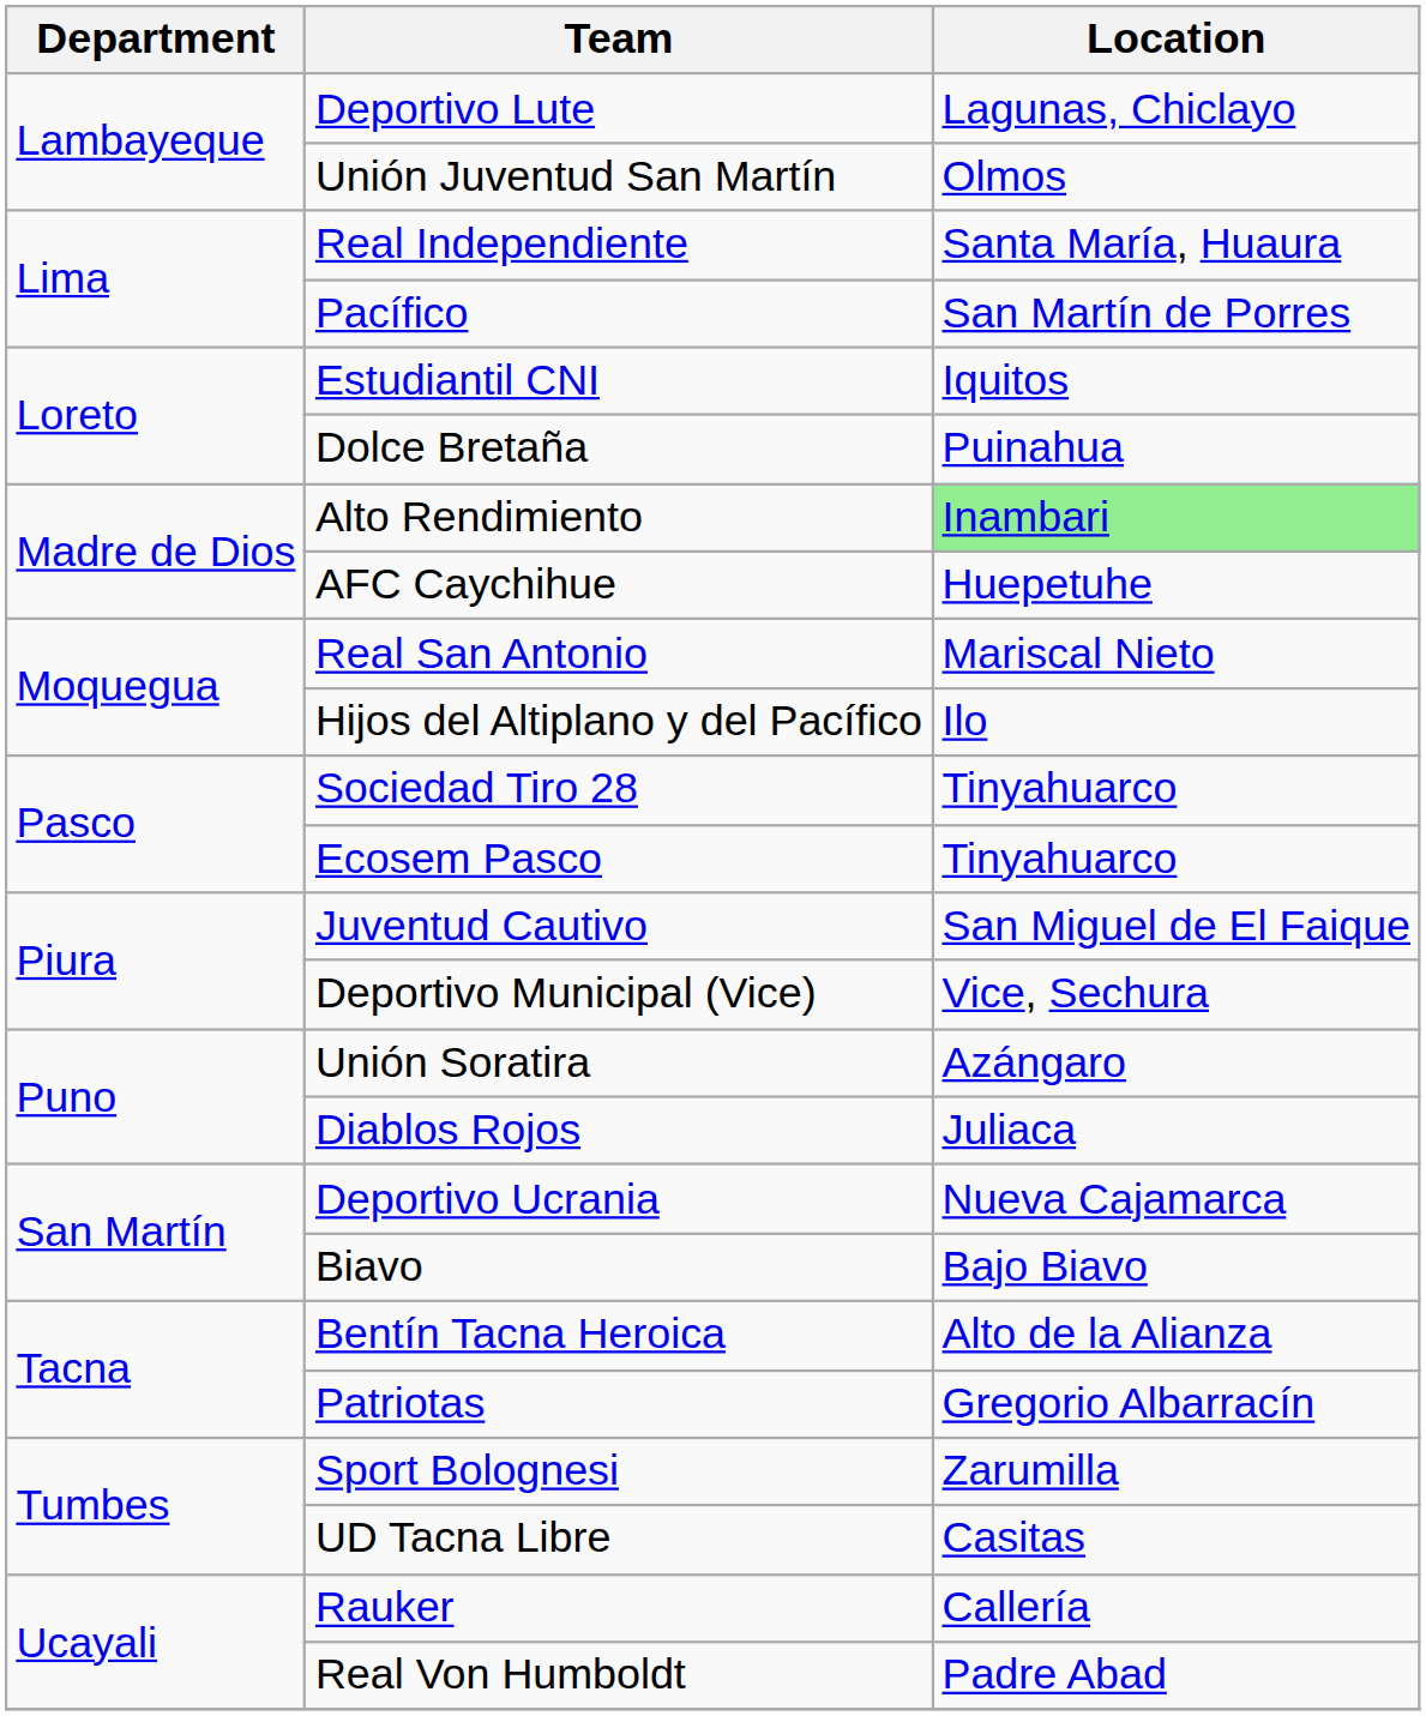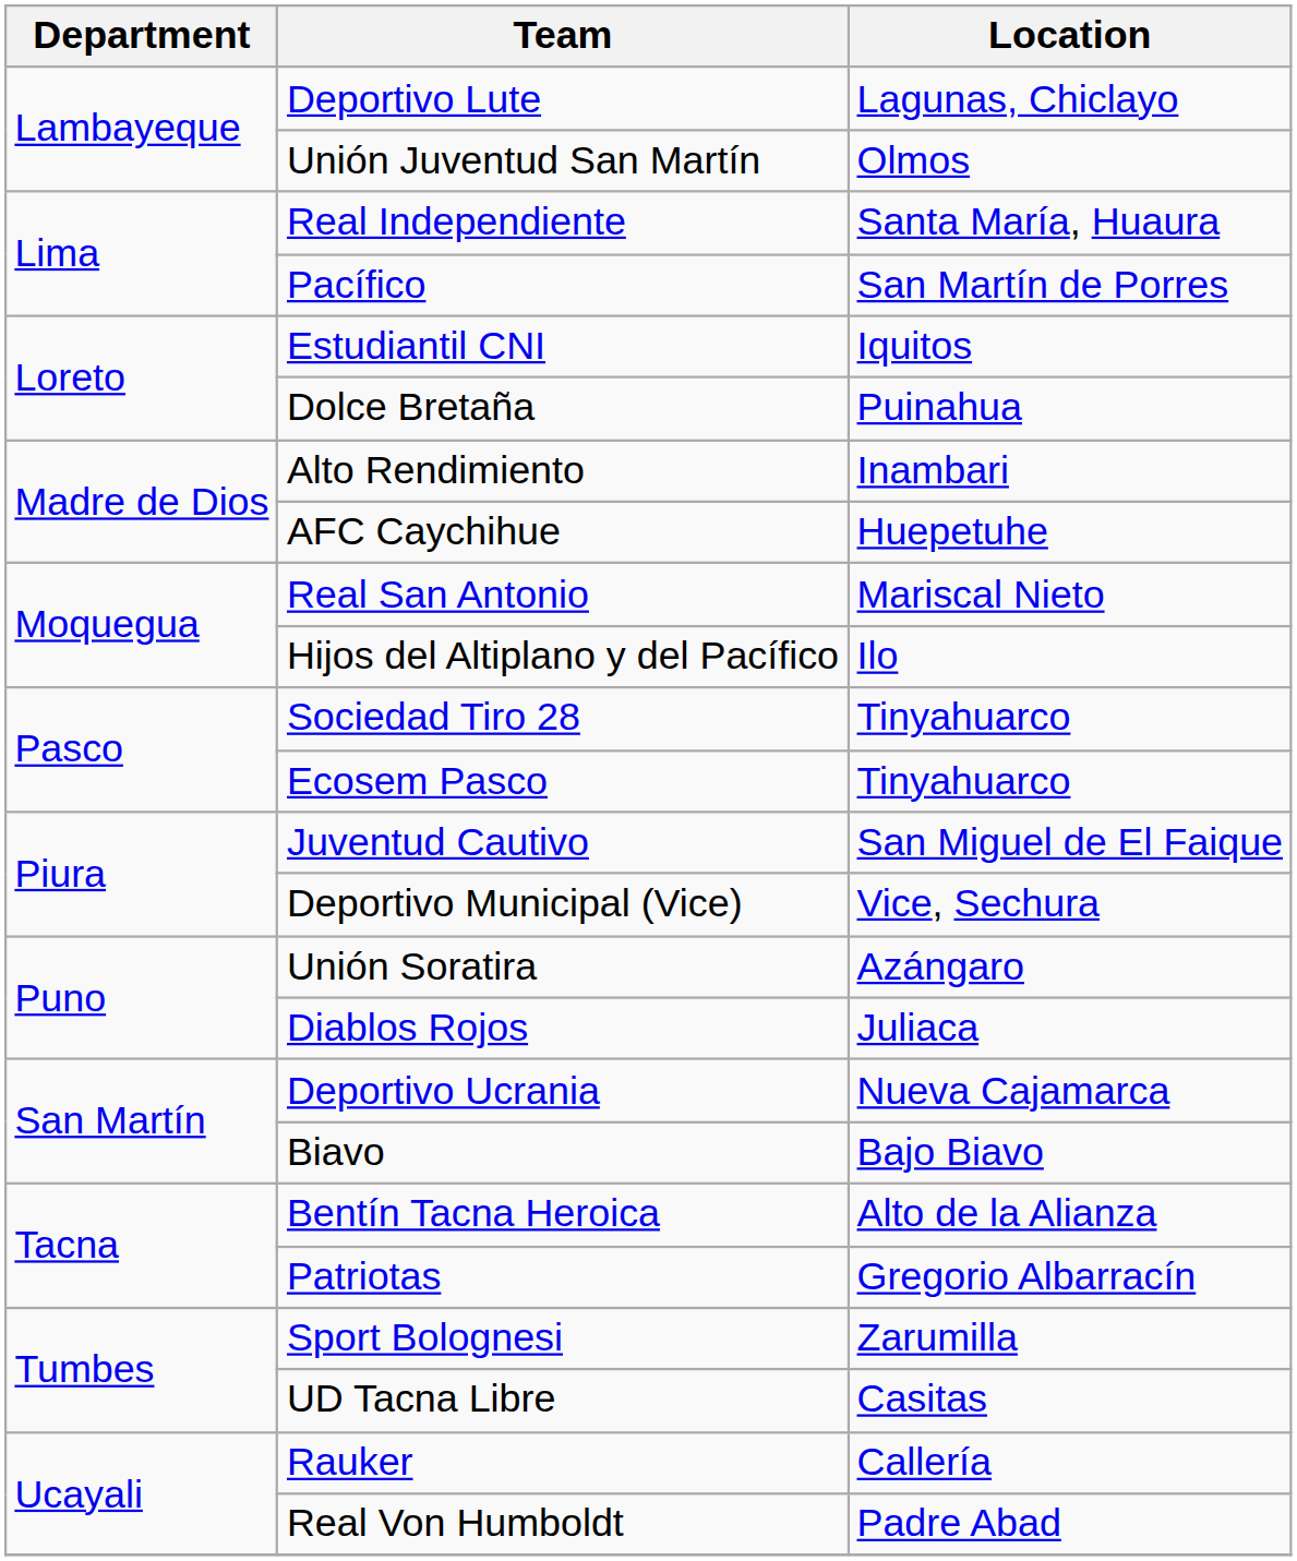 <table class="wikitable">
 <tr>
 <th>Department</th>
 <th>Team</th>
 <th>Location</th>
 </tr>
 <tr>
 <td rowspan="2"><a href='#'>Lambayeque</a></td>
 <td><a href='#'>Deportivo Lute</a></td>
 <td><a href='#'>Lagunas, Chiclayo</a></td>
 </tr>
 <tr>
 <td>Unión Juventud San Martín</td>
 <td><a href='#'>Olmos</a></td>
 </tr>
 <tr>
 <td rowspan="2"><a href='#'>Lima</a></td>
 <td><a href='#'>Real Independiente</a></td>
 <td><a href='#'>Santa María</a>, <a href='#'>Huaura</a></td>
 </tr>
 <tr>
 <td><a href='#'>Pacífico</a></td>
 <td><a href='#'>San Martín de Porres</a></td>
 </tr>
 <tr>
 <td rowspan="2"><a href='#'>Loreto</a></td>
 <td><a href='#'>Estudiantil CNI</a></td>
 <td><a href='#'>Iquitos</a></td>
 </tr>
 <tr>
 <td>Dolce Bretaña</td>
 <td><a href='#'>Puinahua</a></td>
 </tr>
 <tr>
 <td rowspan="2"><a href='#'>Madre de Dios</a></td>
 <td>Alto Rendimiento</td>
-<td style="background: lightgreen;"><a href='#'>Inambari</a></td>
+<td><a href='#'>Inambari</a></td>
 </tr>
 <tr>
 <td>AFC Caychihue</td>
 <td><a href='#'>Huepetuhe</a></td>
 </tr>
 <tr>
 <td rowspan="2"><a href='#'>Moquegua</a></td>
 <td><a href='#'>Real San Antonio</a></td>
 <td><a href='#'>Mariscal Nieto</a></td>
 </tr>
 <tr>
 <td>Hijos del Altiplano y del Pacífico</td>
 <td><a href='#'>Ilo</a></td>
 </tr>
 <tr>
 <td rowspan="2"><a href='#'>Pasco</a></td>
 <td><a href='#'>Sociedad Tiro 28</a></td>
 <td><a href='#'>Tinyahuarco</a></td>
 </tr>
 <tr>
 <td><a href='#'>Ecosem Pasco</a></td>
 <td><a href='#'>Tinyahuarco</a></td>
 </tr>
 <tr>
 <td rowspan="2"><a href='#'>Piura</a></td>
 <td><a href='#'>Juventud Cautivo</a></td>
 <td><a href='#'>San Miguel de El Faique</a></td>
 </tr>
 <tr>
 <td>Deportivo Municipal (Vice)</td>
 <td><a href='#'>Vice</a>, <a href='#'>Sechura</a></td>
 </tr>
 <tr>
 <td rowspan="2"><a href='#'>Puno</a></td>
 <td>Unión Soratira</td>
 <td><a href='#'>Azángaro</a></td>
 </tr>
 <tr>
 <td><a href='#'>Diablos Rojos</a></td>
 <td><a href='#'>Juliaca</a></td>
 </tr>
 <tr>
 <td rowspan="2"><a href='#'>San Martín</a></td>
 <td><a href='#'>Deportivo Ucrania</a></td>
 <td><a href='#'>Nueva Cajamarca</a></td>
 </tr>
 <tr>
 <td>Biavo</td>
 <td><a href='#'>Bajo Biavo</a></td>
 </tr>
 <tr>
 <td rowspan="2"><a href='#'>Tacna</a></td>
 <td><a href='#'>Bentín Tacna Heroica</a></td>
 <td><a href='#'>Alto de la Alianza</a></td>
 </tr>
 <tr>
 <td><a href='#'>Patriotas</a></td>
 <td><a href='#'>Gregorio Albarracín</a></td>
 </tr>
 <tr>
 <td rowspan="2"><a href='#'>Tumbes</a></td>
 <td><a href='#'>Sport Bolognesi</a></td>
 <td><a href='#'>Zarumilla</a></td>
 </tr>
 <tr>
 <td>UD Tacna Libre</td>
 <td><a href='#'>Casitas</a></td>
 </tr>
 <tr>
 <td rowspan="2"><a href='#'>Ucayali</a></td>
 <td><a href='#'>Rauker</a></td>
 <td><a href='#'>Callería</a></td>
 </tr>
 <tr>
 <td>Real Von Humboldt</td>
 <td><a href='#'>Padre Abad</a></td>
 </tr>
 <tr>
 </tr>
 </table>
